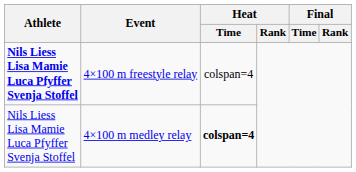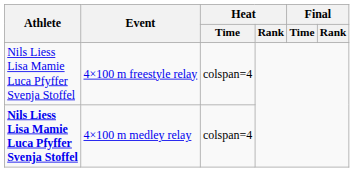 <table class=wikitable style="font-size:90%">
 <tr>
 <th rowspan=2>Athlete</th>
 <th rowspan=2>Event</th>
 <th colspan="2">Heat</th>
 <th colspan="2">Final</th>
 </tr>
 <tr style="font-size:95%">
 <th>Time</th>
 <th>Rank</th>
 <th>Time</th>
 <th>Rank</th>
 </tr>
 <tr align=center>
-<td align=left><strong><a href='#'>Nils Liess</a><br><a href='#'>Lisa Mamie</a><br><a href='#'>Luca Pfyffer</a><br><a href='#'>Svenja Stoffel</a></strong></td>
+<td align=left><a href='#'>Nils Liess</a><br><a href='#'>Lisa Mamie</a><br><a href='#'>Luca Pfyffer</a><br><a href='#'>Svenja Stoffel</a></td>
 <td align=left><a href='#'>4×100 m freestyle relay</a></td>
 <td>colspan=4 </td>
 </tr>
 <tr align=center>
-<td align=left><a href='#'>Nils Liess</a><br><a href='#'>Lisa Mamie</a><br><a href='#'>Luca Pfyffer</a><br><a href='#'>Svenja Stoffel</a></td>
+<td align=left><strong><a href='#'>Nils Liess</a><br><a href='#'>Lisa Mamie</a><br><a href='#'>Luca Pfyffer</a><br><a href='#'>Svenja Stoffel</a></strong></td>
 <td align=left><a href='#'>4×100 m medley relay</a></td>
-<td><strong>colspan=4 </strong></td>
+<td>colspan=4 </td>
 </tr>
 </table>
